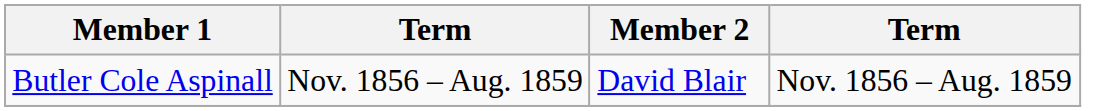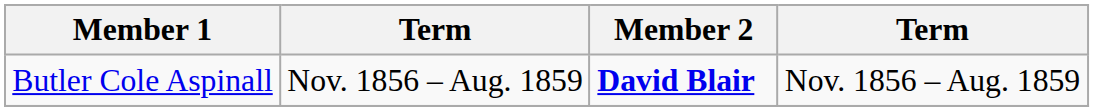 <table class="wikitable">
 <tr>
 <th>Member 1</th>
 <th>Term</th>
 <th>Member 2</th>
 <th>Term</th>
 </tr>
 <tr>
 <td><a href='#'>Butler Cole Aspinall</a></td>
 <td>Nov. 1856 – Aug. 1859</td>
-<td><a href='#'>David Blair</a>  </td>
+<td><strong><a href='#'>David Blair</a>  </strong></td>
 <td>Nov. 1856 – Aug. 1859</td>
 </tr>
 <tr>
 </tr>
 </table>
